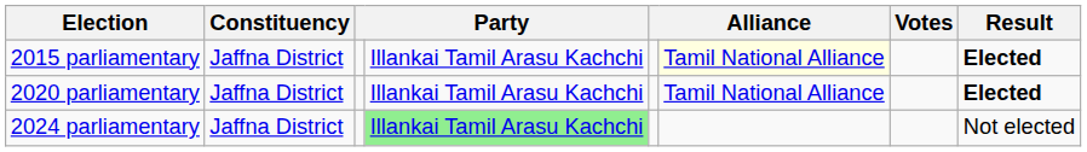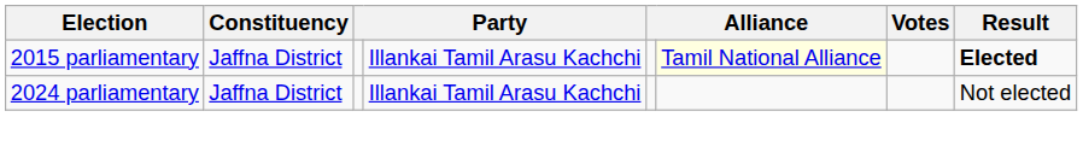 <table class="wikitable" style="text-align:left;">
 <tr>
 <th scope=col>Election</th>
 <th scope=col>Constituency</th>
 <th scope=col colspan="2">Party</th>
 <th scope=col colspan="2">Alliance</th>
 <th scope=col>Votes</th>
 <th scope=col>Result</th>
 </tr>
 <tr>
 <td><a href='#'>2015 parliamentary</a></td>
 <td><a href='#'>Jaffna District</a></td>
 <td style="background:"></td>
 <td><a href='#'>Illankai Tamil Arasu Kachchi</a></td>
 <td style="background:"></td>
 <td style="background: lightyellow;"><a href='#'>Tamil National Alliance</a></td>
 <td align=right></td>
 <td><strong>Elected</strong></td>
 </tr>
 <tr>
-<td><a href='#'>2020 parliamentary</a></td>
+<td><a href='#'>2024 parliamentary</a></td>
 <td><a href='#'>Jaffna District</a></td>
 <td style="background:"></td>
 <td><a href='#'>Illankai Tamil Arasu Kachchi</a></td>
-<td style="background:"></td>
-<td><a href='#'>Tamil National Alliance</a></td>
-<td align=right></td>
-<td><strong>Elected</strong></td>
-</tr>
-<tr>
-<td><a href='#'>2024 parliamentary</a></td>
-<td><a href='#'>Jaffna District</a></td>
-<td style="background:"></td>
-<td style="background: lightgreen;"><a href='#'>Illankai Tamil Arasu Kachchi</a></td>
 <td></td>
 <td></td>
 <td align=right></td>
 <td>Not elected</td>
 </tr>
 </table>
